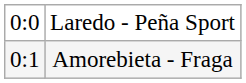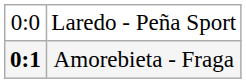 <table class="wikitable">
 <tr align=center bgcolor=white>
 <td>0:0</td>
 <td>Laredo - Peña Sport</td>
 </tr>
 <tr align=center bgcolor=#F5F5F5>
-<td>0:1</td>
+<td><strong>0:1</strong></td>
 <td>Amorebieta - Fraga</td>
 </tr>
 </table>
